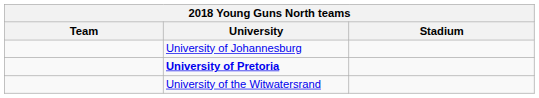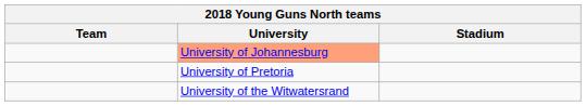 <table class="wikitable sortable" style="text-align:left; font-size:100%; width:60%">
 <tr>
 <th colspan="100%">2018 Young Guns North teams</th>
 </tr>
 <tr>
 <th style="width:30%;">Team</th>
 <th style="width:35%;">University</th>
 <th style="width:35%;">Stadium</th>
 </tr>
 <tr>
 <td></td>
-<td><a href='#'>University of Johannesburg</a></td>
+<td style="background: lightsalmon;"><a href='#'>University of Johannesburg</a></td>
 <td></td>
 </tr>
 <tr>
 <td></td>
-<td><strong><a href='#'>University of Pretoria</a></strong></td>
+<td><a href='#'>University of Pretoria</a></td>
 <td></td>
 </tr>
 <tr>
 <td></td>
 <td><a href='#'>University of the Witwatersrand</a></td>
 <td></td>
 </tr>
 </table>
